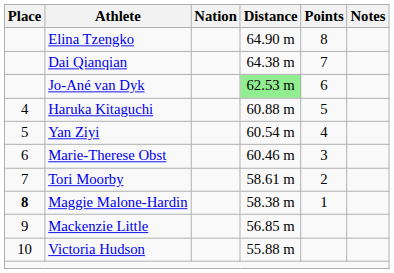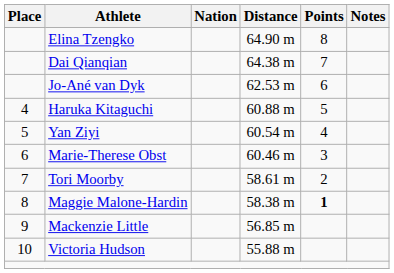 <table class="wikitable mw-datatable sortable" style="text-align:center;">
 <tr>
 <th scope="col">Place</th>
 <th scope="col">Athlete</th>
 <th scope="col">Nation</th>
 <th scope="col">Distance</th>
 <th scope="col">Points</th>
 <th scope="col">Notes</th>
 </tr>
 <tr>
 <td></td>
 <td align="left"><a href='#'>Elina Tzengko</a></td>
 <td align="left"></td>
 <td>64.90 m</td>
 <td>8</td>
 <td></td>
 </tr>
 <tr>
 <td></td>
 <td align="left"><a href='#'>Dai Qianqian</a></td>
 <td align="left"></td>
 <td>64.38 m</td>
 <td>7</td>
 <td></td>
 </tr>
 <tr>
 <td></td>
 <td align="left"><a href='#'>Jo-Ané van Dyk</a></td>
 <td align="left"></td>
-<td style="background: lightgreen;">62.53 m</td>
+<td>62.53 m</td>
 <td>6</td>
 <td></td>
 </tr>
 <tr>
 <td>4</td>
 <td align="left"><a href='#'>Haruka Kitaguchi</a></td>
 <td align="left"></td>
 <td>60.88 m</td>
 <td>5</td>
 <td></td>
 </tr>
 <tr>
 <td>5</td>
 <td align="left"><a href='#'>Yan Ziyi</a></td>
 <td align="left"></td>
 <td>60.54 m</td>
 <td>4</td>
 <td></td>
 </tr>
 <tr>
 <td>6</td>
 <td align="left"><a href='#'>Marie-Therese Obst</a></td>
 <td align="left"></td>
 <td>60.46 m</td>
 <td>3</td>
 <td></td>
 </tr>
 <tr>
 <td>7</td>
 <td align="left"><a href='#'>Tori Moorby</a></td>
 <td align="left"></td>
 <td>58.61 m</td>
 <td>2</td>
 <td></td>
 </tr>
 <tr>
-<td><strong>8</strong></td>
+<td>8</td>
 <td align="left"><a href='#'>Maggie Malone-Hardin</a></td>
 <td align="left"></td>
 <td>58.38 m</td>
-<td>1</td>
+<td><strong>1</strong></td>
 <td></td>
 </tr>
 <tr>
 <td>9</td>
 <td align="left"><a href='#'>Mackenzie Little</a></td>
 <td align="left"></td>
 <td>56.85 m</td>
 <td></td>
 <td></td>
 </tr>
 <tr>
 <td>10</td>
 <td align="left"><a href='#'>Victoria Hudson</a></td>
 <td align="left"></td>
 <td>55.88 m</td>
 <td></td>
 <td></td>
 </tr>
 <tr class="sortbottom">
 <td colspan="6"></td>
 </tr>
 </table>
